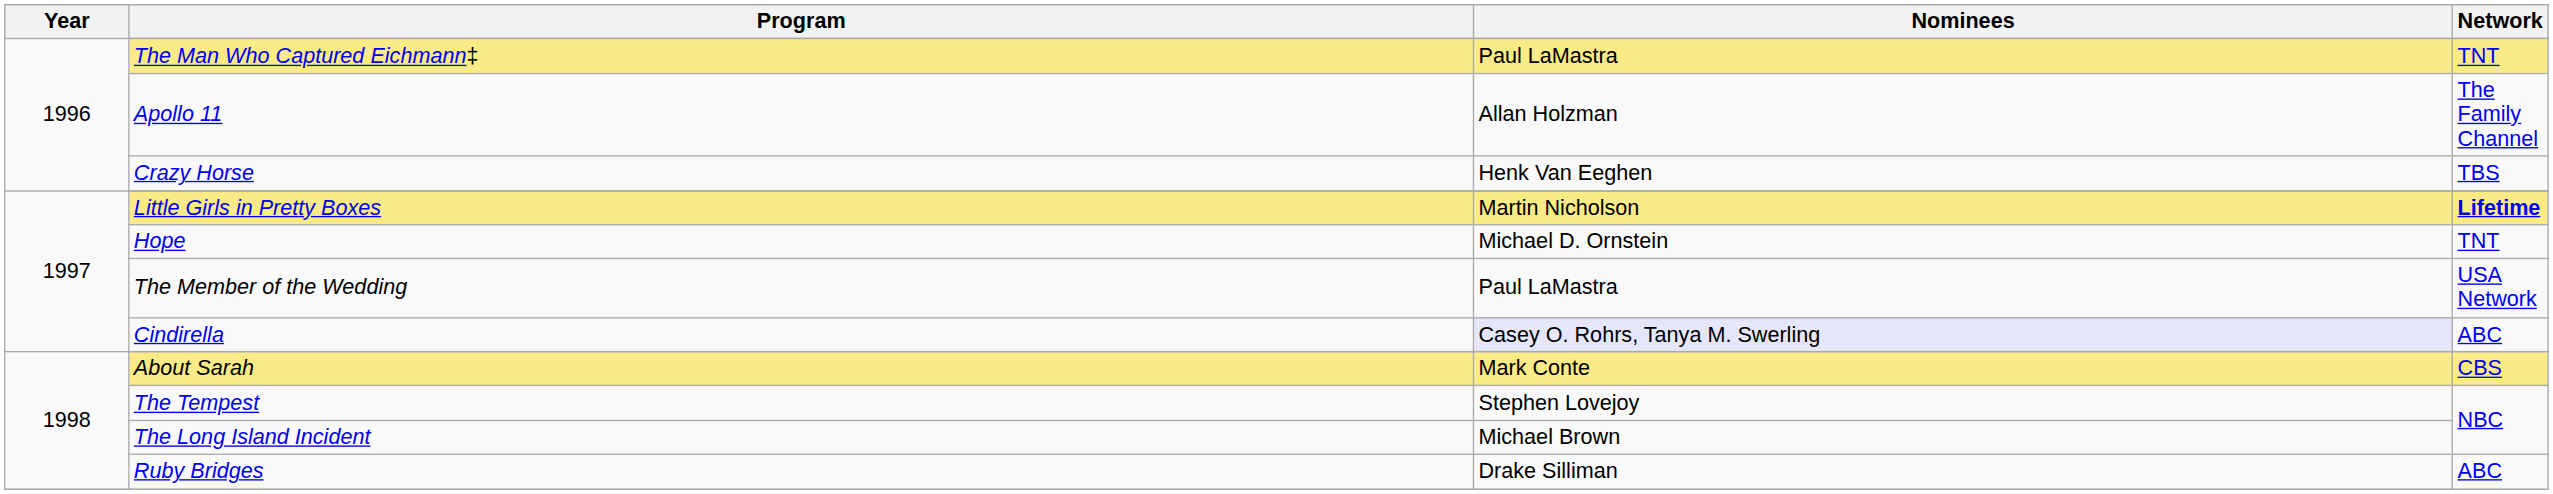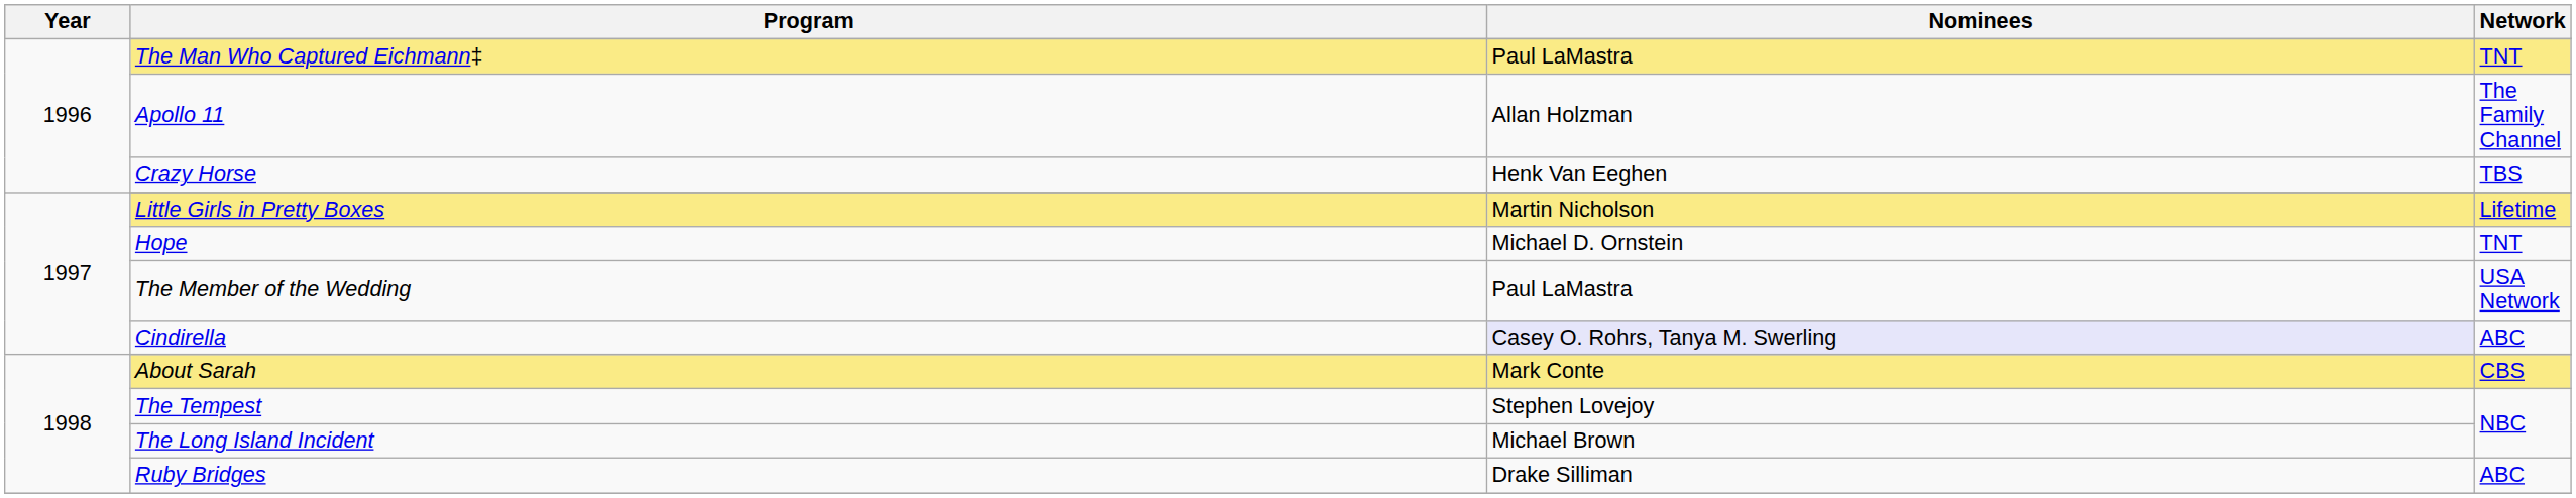 <table class="wikitable" style="width:95%">
 <tr bgcolor="#bebebe">
 <th width="5%">Year</th>
 <th width="55%">Program</th>
 <th width="40%">Nominees</th>
 <th width="10%">Network</th>
 </tr>
 <tr>
 <td rowspan=4 style="text-align:center">1996<br></td>
 </tr>
 <tr style="background:#FAEB86">
 <td><em><a href='#'>The Man Who Captured Eichmann</a></em>‡</td>
 <td>Paul LaMastra</td>
 <td><a href='#'>TNT</a></td>
 </tr>
 <tr>
 <td><em><a href='#'>Apollo 11</a></em></td>
 <td>Allan Holzman</td>
 <td><a href='#'>The Family Channel</a></td>
 </tr>
 <tr>
 <td><em><a href='#'>Crazy Horse</a></em></td>
 <td>Henk Van Eeghen</td>
 <td><a href='#'>TBS</a></td>
 </tr>
 <tr>
 <td rowspan=5 style="text-align:center">1997<br></td>
 </tr>
 <tr style="background:#FAEB86">
 <td><em><a href='#'>Little Girls in Pretty Boxes</a></em></td>
 <td>Martin Nicholson</td>
-<td><strong><a href='#'>Lifetime</a></strong></td>
+<td><a href='#'>Lifetime</a></td>
 </tr>
 <tr>
 <td><em><a href='#'>Hope</a></em></td>
 <td>Michael D. Ornstein</td>
 <td><a href='#'>TNT</a></td>
 </tr>
 <tr>
 <td><em>The Member of the Wedding</em></td>
 <td>Paul LaMastra</td>
 <td><a href='#'>USA Network</a></td>
 </tr>
 <tr>
 <td><em><a href='#'>Cindirella</a></em></td>
 <td style="background: lavender;">Casey O. Rohrs, Tanya M. Swerling</td>
 <td><a href='#'>ABC</a></td>
 </tr>
 <tr>
 <td rowspan=5 style="text-align:center">1998<br></td>
 </tr>
 <tr style="background:#FAEB86">
 <td><em>About Sarah</em></td>
 <td>Mark Conte</td>
 <td><a href='#'>CBS</a></td>
 </tr>
 <tr>
 <td><em><a href='#'>The Tempest</a></em></td>
 <td>Stephen Lovejoy</td>
 <td rowspan="2"><a href='#'>NBC</a></td>
 </tr>
 <tr>
 <td><em><a href='#'>The Long Island Incident</a></em></td>
 <td>Michael Brown</td>
 </tr>
 <tr>
 <td><em><a href='#'>Ruby Bridges</a></em></td>
 <td>Drake Silliman</td>
 <td><a href='#'>ABC</a></td>
 </tr>
 <tr>
 </tr>
 </table>
